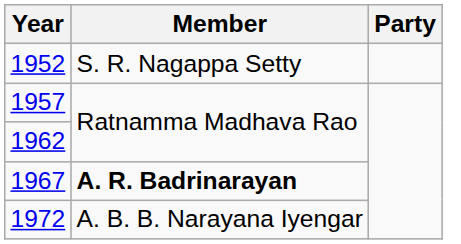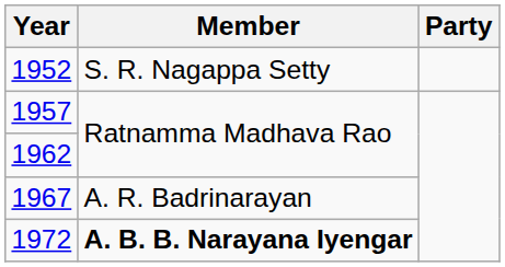 <table class="wikitable sortable">
 <tr>
 <th>Year</th>
 <th>Member</th>
 <th colspan="2">Party</th>
 </tr>
 <tr>
 <td><a href='#'>1952</a></td>
 <td>S. R. Nagappa Setty</td>
 <td></td>
 </tr>
 <tr>
 <td><a href='#'>1957</a></td>
 <td rowspan="2">Ratnamma Madhava Rao</td>
 </tr>
 <tr>
 <td><a href='#'>1962</a></td>
 </tr>
 <tr>
 <td><a href='#'>1967</a></td>
-<td><strong>A. R. Badrinarayan</strong></td>
+<td>A. R. Badrinarayan</td>
 </tr>
 <tr>
 <td><a href='#'>1972</a></td>
-<td>A. B. B. Narayana Iyengar</td>
+<td><strong>A. B. B. Narayana Iyengar</strong></td>
 </tr>
 </table>
